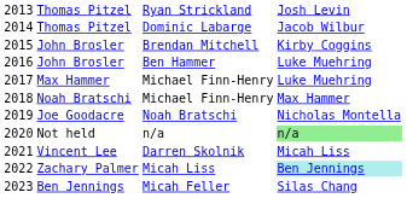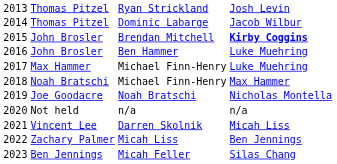 <table>
 <tr>
 <td style="text-align:center;">2013</td>
 <td><a href='#'>Thomas Pitzel</a></td>
 <td><a href='#'>Ryan Strickland</a></td>
 <td><a href='#'>Josh Levin</a></td>
 </tr>
 <tr>
 <td style="text-align:center;">2014</td>
 <td><a href='#'>Thomas Pitzel</a></td>
 <td><a href='#'>Dominic Labarge</a></td>
 <td><a href='#'>Jacob Wilbur</a></td>
 </tr>
 <tr>
 <td style="text-align:center;">2015</td>
 <td><a href='#'>John Brosler</a></td>
 <td><a href='#'>Brendan Mitchell</a></td>
-<td><a href='#'>Kirby Coggins</a></td>
+<td><strong><a href='#'>Kirby Coggins</a></strong></td>
 </tr>
 <tr>
 <td style="text-align:center;">2016</td>
 <td><a href='#'>John Brosler</a></td>
 <td><a href='#'>Ben Hammer</a></td>
 <td><a href='#'>Luke Muehring</a></td>
 </tr>
 <tr>
 <td style="text-align:center;">2017</td>
 <td><a href='#'>Max Hammer</a></td>
 <td>Michael Finn-Henry</td>
 <td><a href='#'>Luke Muehring</a></td>
 </tr>
 <tr>
 <td style="text-align:center;">2018</td>
 <td><a href='#'>Noah Bratschi</a></td>
 <td>Michael Finn-Henry</td>
 <td><a href='#'>Max Hammer</a></td>
 </tr>
 <tr>
 <td style="text-align:center;">2019</td>
 <td><a href='#'>Joe Goodacre</a></td>
 <td><a href='#'>Noah Bratschi</a></td>
 <td><a href='#'>Nicholas Montella</a></td>
 </tr>
 <tr>
 <td style="text-align:center;">2020</td>
 <td>Not held</td>
 <td>n/a</td>
-<td style="background: lightgreen;">n/a</td>
+<td>n/a</td>
 </tr>
 <tr>
 <td style="text-align:center;">2021</td>
 <td><a href='#'>Vincent Lee</a></td>
 <td><a href='#'>Darren Skolnik</a></td>
 <td><a href='#'>Micah Liss</a></td>
 </tr>
 <tr>
 <td style="text-align:center;">2022</td>
 <td><a href='#'>Zachary Palmer</a></td>
 <td><a href='#'>Micah Liss</a></td>
-<td style="background: paleturquoise;"><a href='#'>Ben Jennings</a></td>
+<td><a href='#'>Ben Jennings</a></td>
 </tr>
 <tr>
 <td style="text-align:center;">2023</td>
 <td><a href='#'>Ben Jennings</a></td>
 <td><a href='#'>Micah Feller</a></td>
 <td><a href='#'>Silas Chang</a></td>
 </tr>
 </table>
